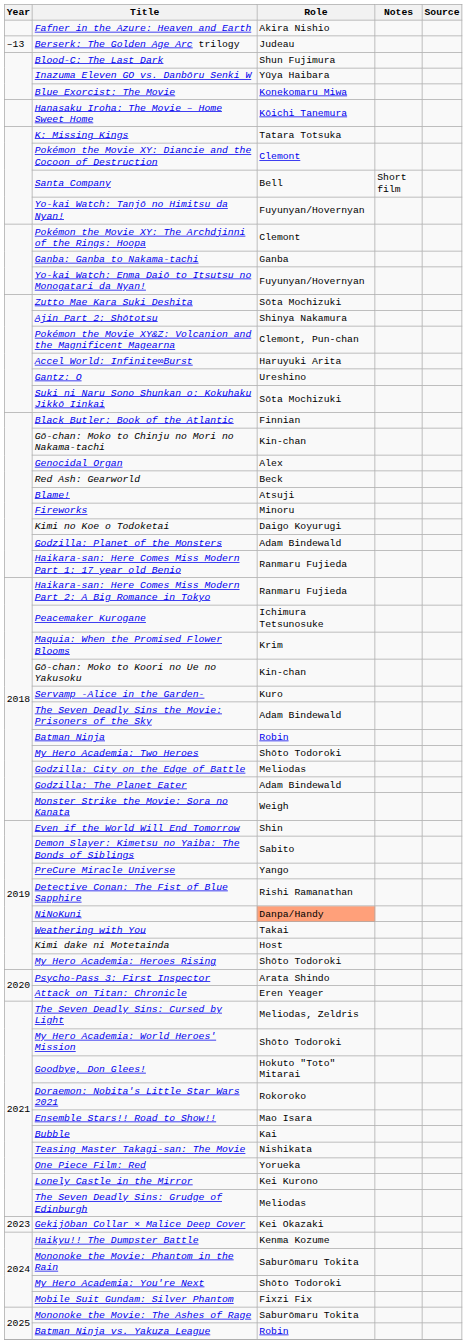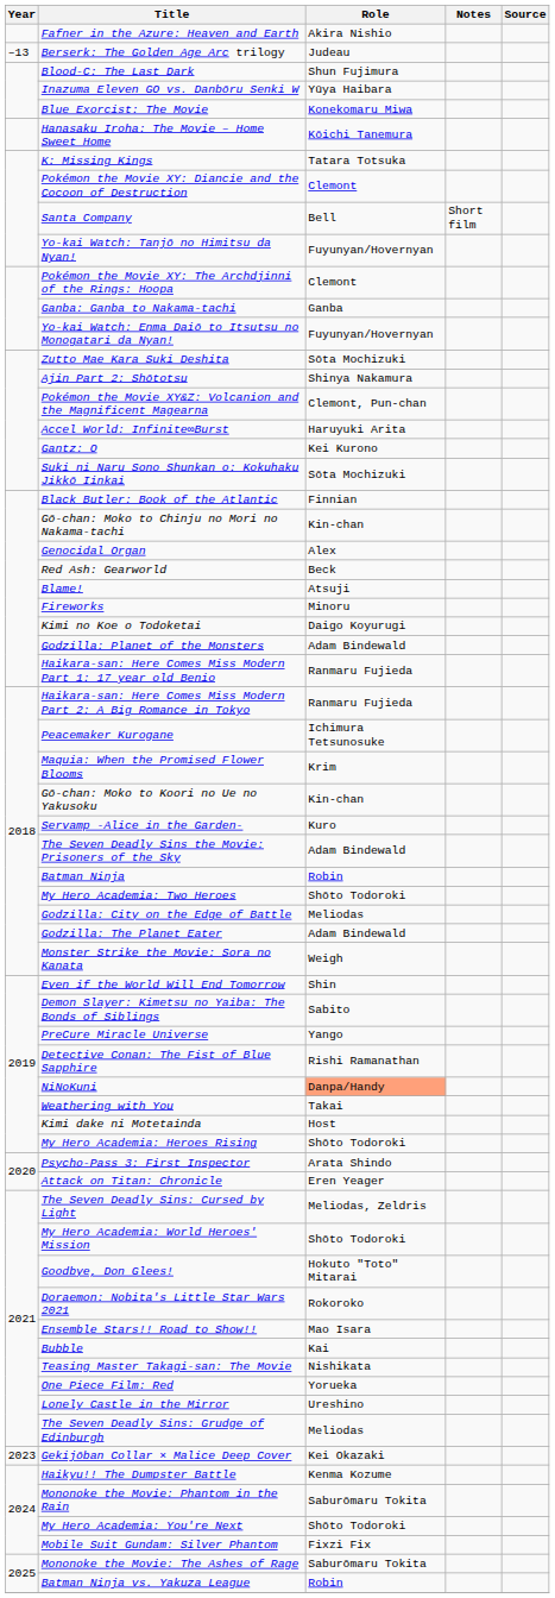 <table class="wikitable sortable plainrowheaders">
 <tr>
 <th>Year</th>
 <th>Title</th>
 <th>Role</th>
 <th class="unsortable">Notes</th>
 <th class="unsortable">Source</th>
 </tr>
 <tr>
 <td></td>
 <td><em><a href='#'>Fafner in the Azure: Heaven and Earth</a></em></td>
 <td>Akira Nishio</td>
 <td></td>
 <td></td>
 </tr>
 <tr>
 <td>–13</td>
 <td><em><a href='#'>Berserk: The Golden Age Arc</a></em> trilogy</td>
 <td>Judeau</td>
 <td></td>
 <td></td>
 </tr>
 <tr>
 <td rowspan="3"></td>
 <td><em><a href='#'>Blood-C: The Last Dark</a></em></td>
 <td>Shun Fujimura</td>
 <td></td>
 <td></td>
 </tr>
 <tr>
 <td><em><a href='#'>Inazuma Eleven GO vs. Danbōru Senki W</a></em></td>
 <td>Yūya Haibara</td>
 <td></td>
 <td></td>
 </tr>
 <tr>
 <td><em><a href='#'>Blue Exorcist: The Movie</a></em></td>
 <td><a href='#'>Konekomaru Miwa</a></td>
 <td></td>
 <td></td>
 </tr>
 <tr>
 <td></td>
 <td><em> <a href='#'>Hanasaku Iroha: The Movie – Home Sweet Home</a></em></td>
 <td><a href='#'>Kōichi Tanemura</a></td>
 <td></td>
 <td></td>
 </tr>
 <tr>
 <td rowspan="4"></td>
 <td><em><a href='#'>K: Missing Kings</a></em></td>
 <td>Tatara Totsuka</td>
 <td></td>
 <td></td>
 </tr>
 <tr>
 <td><em><a href='#'>Pokémon the Movie XY: Diancie and the Cocoon of Destruction</a></em></td>
 <td><a href='#'>Clemont</a></td>
 <td></td>
 <td></td>
 </tr>
 <tr>
 <td><em><a href='#'>Santa Company</a></em></td>
 <td>Bell</td>
 <td>Short film</td>
 <td></td>
 </tr>
 <tr>
 <td><em><a href='#'>Yo-kai Watch: Tanjō no Himitsu da Nyan!</a></em></td>
 <td>Fuyunyan/Hovernyan</td>
 <td></td>
 <td></td>
 </tr>
 <tr>
 <td rowspan="3"></td>
 <td><em><a href='#'>Pokémon the Movie XY: The Archdjinni of the Rings: Hoopa</a></em></td>
 <td>Clemont</td>
 <td></td>
 <td></td>
 </tr>
 <tr>
 <td><em><a href='#'>Ganba: Ganba to Nakama-tachi</a></em></td>
 <td>Ganba</td>
 <td></td>
 <td></td>
 </tr>
 <tr>
 <td><em><a href='#'>Yo-kai Watch: Enma Daiō to Itsutsu no Monogatari da Nyan!</a></em></td>
 <td>Fuyunyan/Hovernyan</td>
 <td></td>
 <td></td>
 </tr>
 <tr>
 <td rowspan="6"></td>
 <td><em><a href='#'>Zutto Mae Kara Suki Deshita</a></em></td>
 <td>Sōta Mochizuki</td>
 <td></td>
 <td></td>
 </tr>
 <tr>
 <td><em><a href='#'>Ajin Part 2: Shōtotsu</a></em></td>
 <td>Shinya Nakamura</td>
 <td></td>
 <td></td>
 </tr>
 <tr>
 <td><em><a href='#'>Pokémon the Movie XY&Z: Volcanion and the Magnificent Magearna</a></em></td>
 <td>Clemont, Pun-chan</td>
 <td></td>
 <td></td>
 </tr>
 <tr>
 <td><em><a href='#'>Accel World: Infinite∞Burst</a></em></td>
 <td>Haruyuki Arita</td>
 <td></td>
 <td></td>
 </tr>
 <tr>
 <td><em><a href='#'>Gantz: O</a></em></td>
-<td>Ureshino</td>
+<td>Kei Kurono</td>
 <td></td>
 <td></td>
 </tr>
 <tr>
 <td><em><a href='#'>Suki ni Naru Sono Shunkan o: Kokuhaku Jikkō Iinkai</a></em></td>
 <td>Sōta Mochizuki</td>
 <td></td>
 <td></td>
 </tr>
 <tr>
 <td rowspan="9"></td>
 <td><em><a href='#'>Black Butler: Book of the Atlantic</a></em></td>
 <td>Finnian</td>
 <td></td>
 <td></td>
 </tr>
 <tr>
 <td><em>Gō-chan: Moko to Chinju no Mori no Nakama-tachi</em></td>
 <td>Kin-chan</td>
 <td></td>
 <td></td>
 </tr>
 <tr>
 <td><em><a href='#'>Genocidal Organ</a></em></td>
 <td>Alex</td>
 <td></td>
 <td></td>
 </tr>
 <tr>
 <td><em>Red Ash: Gearworld</em></td>
 <td>Beck</td>
 <td></td>
 <td></td>
 </tr>
 <tr>
 <td><em><a href='#'>Blame!</a></em></td>
 <td>Atsuji</td>
 <td></td>
 <td></td>
 </tr>
 <tr>
 <td><em><a href='#'>Fireworks</a></em></td>
 <td>Minoru</td>
 <td></td>
 <td></td>
 </tr>
 <tr>
 <td><em>Kimi no Koe o Todoketai</em></td>
 <td>Daigo Koyurugi</td>
 <td></td>
 <td></td>
 </tr>
 <tr>
 <td><em><a href='#'>Godzilla: Planet of the Monsters</a></em></td>
 <td>Adam Bindewald</td>
 <td></td>
 <td></td>
 </tr>
 <tr>
 <td><em><a href='#'>Haikara-san: Here Comes Miss Modern Part 1: 17 year old Benio</a></em></td>
 <td>Ranmaru Fujieda</td>
 <td></td>
 <td></td>
 </tr>
 <tr>
 <td rowspan="11">2018</td>
 <td><em><a href='#'>Haikara-san: Here Comes Miss Modern Part 2: A Big Romance in Tokyo</a></em></td>
 <td>Ranmaru Fujieda</td>
 <td></td>
 <td></td>
 </tr>
 <tr>
 <td><em><a href='#'>Peacemaker Kurogane</a></em></td>
 <td>Ichimura Tetsunosuke</td>
 <td></td>
 <td></td>
 </tr>
 <tr>
 <td><em><a href='#'>Maquia: When the Promised Flower Blooms</a></em></td>
 <td>Krim</td>
 <td></td>
 <td></td>
 </tr>
 <tr>
 <td><em>Gō-chan: Moko to Koori no Ue no Yakusoku</em></td>
 <td>Kin-chan</td>
 <td></td>
 <td></td>
 </tr>
 <tr>
 <td><em><a href='#'>Servamp -Alice in the Garden-</a></em></td>
 <td>Kuro</td>
 <td></td>
 <td></td>
 </tr>
 <tr>
 <td><em><a href='#'>The Seven Deadly Sins the Movie: Prisoners of the Sky</a></em></td>
 <td>Adam Bindewald</td>
 <td></td>
 <td></td>
 </tr>
 <tr>
 <td><em><a href='#'>Batman Ninja</a></em></td>
 <td><a href='#'>Robin</a></td>
 <td></td>
 <td></td>
 </tr>
 <tr>
 <td><em><a href='#'>My Hero Academia: Two Heroes</a></em></td>
 <td>Shōto Todoroki</td>
 <td></td>
 <td></td>
 </tr>
 <tr>
 <td><em><a href='#'>Godzilla: City on the Edge of Battle</a></em></td>
 <td>Meliodas</td>
 <td></td>
 <td></td>
 </tr>
 <tr>
 <td><em><a href='#'>Godzilla: The Planet Eater</a></em></td>
 <td>Adam Bindewald</td>
 <td></td>
 <td></td>
 </tr>
 <tr>
 <td><em><a href='#'>Monster Strike the Movie: Sora no Kanata</a></em></td>
 <td>Weigh</td>
 <td></td>
 <td></td>
 </tr>
 <tr>
 <td rowspan="8">2019</td>
 <td><em><a href='#'>Even if the World Will End Tomorrow</a></em></td>
 <td>Shin</td>
 <td></td>
 <td></td>
 </tr>
 <tr>
 <td><em><a href='#'>Demon Slayer: Kimetsu no Yaiba: The Bonds of Siblings</a></em></td>
 <td>Sabito</td>
 <td></td>
 <td></td>
 </tr>
 <tr>
 <td><em><a href='#'>PreCure Miracle Universe</a></em></td>
 <td>Yango</td>
 <td></td>
 <td></td>
 </tr>
 <tr>
 <td><em><a href='#'>Detective Conan: The Fist of Blue Sapphire</a></em></td>
 <td>Rishi Ramanathan</td>
 <td></td>
 <td></td>
 </tr>
 <tr>
 <td><em><a href='#'>NiNoKuni</a></em></td>
 <td style="background: lightsalmon;">Danpa/Handy</td>
 <td></td>
 <td></td>
 </tr>
 <tr>
 <td><em><a href='#'>Weathering with You</a></em></td>
 <td>Takai</td>
 <td></td>
 <td></td>
 </tr>
 <tr>
 <td><em>Kimi dake ni Motetainda</em></td>
 <td>Host</td>
 <td></td>
 <td></td>
 </tr>
 <tr>
 <td><em><a href='#'>My Hero Academia: Heroes Rising</a></em></td>
 <td>Shōto Todoroki</td>
 <td></td>
 <td></td>
 </tr>
 <tr>
 <td rowspan="2">2020</td>
 <td><em><a href='#'>Psycho-Pass 3: First Inspector</a></em></td>
 <td>Arata Shindo</td>
 <td></td>
 <td></td>
 </tr>
 <tr>
 <td><em><a href='#'>Attack on Titan: Chronicle</a></em></td>
 <td>Eren Yeager</td>
 <td></td>
 <td></td>
 </tr>
 <tr>
 <td rowspan="10">2021</td>
 <td><em><a href='#'>The Seven Deadly Sins: Cursed by Light</a></em></td>
 <td>Meliodas, Zeldris</td>
 <td></td>
 <td></td>
 </tr>
 <tr>
 <td><em><a href='#'>My Hero Academia: World Heroes' Mission</a></em></td>
 <td>Shōto Todoroki</td>
 <td></td>
 <td></td>
 </tr>
 <tr>
 <td><em><a href='#'>Goodbye, Don Glees!</a></em></td>
 <td>Hokuto "Toto" Mitarai</td>
 <td></td>
 <td></td>
 </tr>
 <tr>
 <td><em><a href='#'>Doraemon: Nobita's Little Star Wars 2021</a></em></td>
 <td>Rokoroko</td>
 <td></td>
 <td></td>
 </tr>
 <tr>
 <td><em><a href='#'>Ensemble Stars!! Road to Show!!</a></em></td>
 <td>Mao Isara</td>
 <td></td>
 <td></td>
 </tr>
 <tr>
 <td><em><a href='#'>Bubble</a></em></td>
 <td>Kai</td>
 <td></td>
 <td></td>
 </tr>
 <tr>
 <td><em><a href='#'>Teasing Master Takagi-san: The Movie</a></em></td>
 <td>Nishikata</td>
 <td></td>
 <td></td>
 </tr>
 <tr>
 <td><em><a href='#'>One Piece Film: Red</a></em></td>
 <td>Yorueka</td>
 <td></td>
 <td></td>
 </tr>
 <tr>
 <td><em><a href='#'>Lonely Castle in the Mirror</a></em></td>
-<td>Kei Kurono</td>
+<td>Ureshino</td>
 <td></td>
 <td></td>
 </tr>
 <tr>
 <td><em><a href='#'>The Seven Deadly Sins: Grudge of Edinburgh</a></em></td>
 <td>Meliodas</td>
 <td></td>
 <td></td>
 </tr>
 <tr>
 <td>2023</td>
 <td><em><a href='#'>Gekijōban Collar × Malice Deep Cover</a></em></td>
 <td>Kei Okazaki</td>
 <td></td>
 <td></td>
 </tr>
 <tr>
 <td rowspan="4">2024</td>
 <td><em><a href='#'>Haikyu!! The Dumpster Battle</a></em></td>
 <td>Kenma Kozume</td>
 <td></td>
 <td></td>
 </tr>
 <tr>
 <td><em><a href='#'>Mononoke the Movie: Phantom in the Rain</a></em></td>
 <td>Saburōmaru Tokita</td>
 <td></td>
 <td></td>
 </tr>
 <tr>
 <td><em><a href='#'>My Hero Academia: You're Next</a></em></td>
 <td>Shōto Todoroki</td>
 <td></td>
 <td></td>
 </tr>
 <tr>
 <td><em><a href='#'>Mobile Suit Gundam: Silver Phantom</a></em></td>
 <td>Fixzi Fix</td>
 <td></td>
 <td></td>
 </tr>
 <tr>
 <td rowspan="2">2025</td>
 <td><em><a href='#'>Mononoke the Movie: The Ashes of Rage</a></em></td>
 <td>Saburōmaru Tokita</td>
 <td></td>
 <td></td>
 </tr>
 <tr>
 <td><em><a href='#'>Batman Ninja vs. Yakuza League</a></em></td>
 <td><a href='#'>Robin</a></td>
 <td></td>
 <td></td>
 </tr>
 <tr>
 </tr>
 </table>
